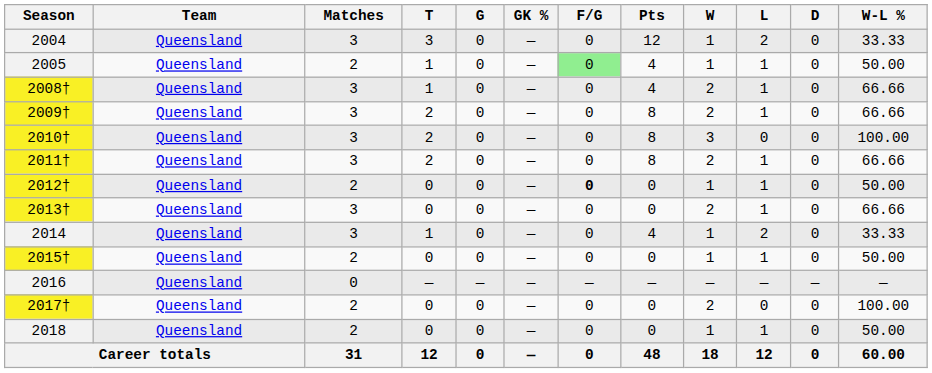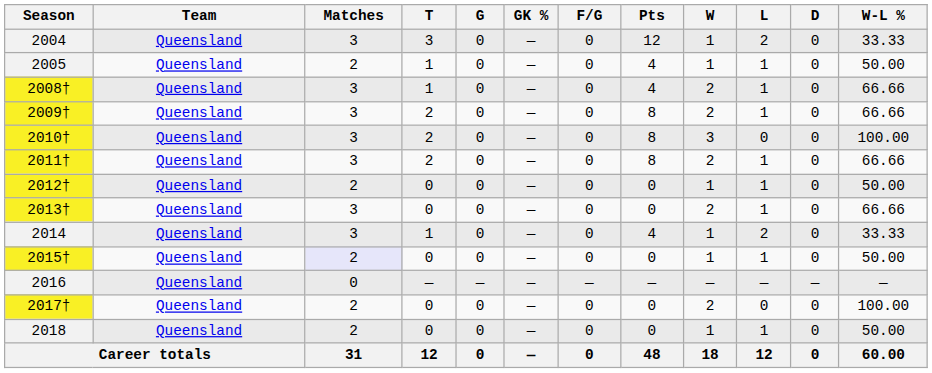 <table class="wikitable sortable"  style="font-size:90%; text-align:center; width:85%;">
 <tr>
 <th width=2%>Season</th>
 <th width=8%>Team</th>
 <th width=2%>Matches</th>
 <th width=2%>T</th>
 <th width=2%>G</th>
 <th width=2%>GK %</th>
 <th width=2%>F/G</th>
 <th width=2%>Pts</th>
 <th width=2%>W</th>
 <th width=2%>L</th>
 <th width=2%>D</th>
 <th width=2%>W-L %</th>
 </tr>
 <tr style="background:#eaeaea;">
 <th scope="row" style="text-align:center; font-weight:normal">2004</th>
 <td style="text-align:center;"><a href='#'>Queensland</a></td>
 <td>3</td>
 <td>3</td>
 <td>0</td>
 <td>—</td>
 <td>0</td>
 <td>12</td>
 <td>1</td>
 <td>2</td>
 <td>0</td>
 <td>33.33</td>
 </tr>
 <tr>
 <th scope="row" style="text-align:center; font-weight:normal">2005</th>
 <td style="text-align:center;"><a href='#'>Queensland</a></td>
 <td>2</td>
 <td>1</td>
 <td>0</td>
 <td>—</td>
-<td style="background: lightgreen;">0</td>
+<td>0</td>
 <td>4</td>
 <td>1</td>
 <td>1</td>
 <td>0</td>
 <td>50.00</td>
 </tr>
 <tr style="background:#eaeaea;">
 <th scope="row" style="text-align:center;background:#f9f025; font-weight:normal">2008†</th>
 <td style="text-align:center;"><a href='#'>Queensland</a></td>
 <td>3</td>
 <td>1</td>
 <td>0</td>
 <td>—</td>
 <td>0</td>
 <td>4</td>
 <td>2</td>
 <td>1</td>
 <td>0</td>
 <td>66.66</td>
 </tr>
 <tr>
 <th scope="row" style="text-align:center;background:#f9f025; font-weight:normal">2009†</th>
 <td style="text-align:center;"><a href='#'>Queensland</a></td>
 <td>3</td>
 <td>2</td>
 <td>0</td>
 <td>—</td>
 <td>0</td>
 <td>8</td>
 <td>2</td>
 <td>1</td>
 <td>0</td>
 <td>66.66</td>
 </tr>
 <tr style="background:#eaeaea;">
 <th scope="row" style="text-align:center;background:#f9f025; font-weight:normal">2010†</th>
 <td style="text-align:center;"><a href='#'>Queensland</a></td>
 <td>3</td>
 <td>2</td>
 <td>0</td>
 <td>—</td>
 <td>0</td>
 <td>8</td>
 <td>3</td>
 <td>0</td>
 <td>0</td>
 <td>100.00</td>
 </tr>
 <tr>
 <th scope="row" style="text-align:center;background:#f9f025; font-weight:normal">2011†</th>
 <td style="text-align:center;"><a href='#'>Queensland</a></td>
 <td>3</td>
 <td>2</td>
 <td>0</td>
 <td>—</td>
 <td>0</td>
 <td>8</td>
 <td>2</td>
 <td>1</td>
 <td>0</td>
 <td>66.66</td>
 </tr>
 <tr style="background:#eaeaea;">
 <th scope="row" style="text-align:center;background:#f9f025; font-weight:normal">2012†</th>
 <td style="text-align:center;"><a href='#'>Queensland</a></td>
 <td>2</td>
 <td>0</td>
 <td>0</td>
 <td>—</td>
-<td><strong>0</strong></td>
+<td>0</td>
 <td>0</td>
 <td>1</td>
 <td>1</td>
 <td>0</td>
 <td>50.00</td>
 </tr>
 <tr>
 <th scope="row" style="text-align:center;background:#f9f025; font-weight:normal">2013†</th>
 <td style="text-align:center;"><a href='#'>Queensland</a></td>
 <td>3</td>
 <td>0</td>
 <td>0</td>
 <td>—</td>
 <td>0</td>
 <td>0</td>
 <td>2</td>
 <td>1</td>
 <td>0</td>
 <td>66.66</td>
 </tr>
 <tr style="background:#eaeaea;">
 <th scope="row" style="text-align:center; font-weight:normal">2014</th>
 <td style="text-align:center;"><a href='#'>Queensland</a></td>
 <td>3</td>
 <td>1</td>
 <td>0</td>
 <td>—</td>
 <td>0</td>
 <td>4</td>
 <td>1</td>
 <td>2</td>
 <td>0</td>
 <td>33.33</td>
 </tr>
 <tr>
 <th scope="row" style="text-align:center;background:#f9f025; font-weight:normal">2015†</th>
 <td style="text-align:center;"><a href='#'>Queensland</a></td>
-<td>2</td>
+<td style="background: lavender;">2</td>
 <td>0</td>
 <td>0</td>
 <td>—</td>
 <td>0</td>
 <td>0</td>
 <td>1</td>
 <td>1</td>
 <td>0</td>
 <td>50.00</td>
 </tr>
 <tr style="background:#eaeaea;">
 <th scope="row" style="text-align:center; font-weight:normal">2016</th>
 <td style="text-align:center;"><a href='#'>Queensland</a></td>
 <td>0</td>
 <td>—</td>
 <td>—</td>
 <td>—</td>
 <td>—</td>
 <td>—</td>
 <td>—</td>
 <td>—</td>
 <td>—</td>
 <td>—</td>
 </tr>
 <tr>
 <th scope="row" style="text-align:center;background:#f9f025; font-weight:normal">2017†</th>
 <td style="text-align:center;"><a href='#'>Queensland</a></td>
 <td>2</td>
 <td>0</td>
 <td>0</td>
 <td>—</td>
 <td>0</td>
 <td>0</td>
 <td>2</td>
 <td>0</td>
 <td>0</td>
 <td>100.00</td>
 </tr>
 <tr style="background:#eaeaea;">
 <th scope="row" style="text-align:center; font-weight:normal">2018</th>
 <td style="text-align:center;"><a href='#'>Queensland</a></td>
 <td>2</td>
 <td>0</td>
 <td>0</td>
 <td>—</td>
 <td>0</td>
 <td>0</td>
 <td>1</td>
 <td>1</td>
 <td>0</td>
 <td>50.00</td>
 </tr>
 <tr>
 <th colspan=2>Career totals</th>
 <th>31</th>
 <th>12</th>
 <th>0</th>
 <th>—</th>
 <th>0</th>
 <th>48</th>
 <th>18</th>
 <th>12</th>
 <th>0</th>
 <th>60.00</th>
 </tr>
 </table>
